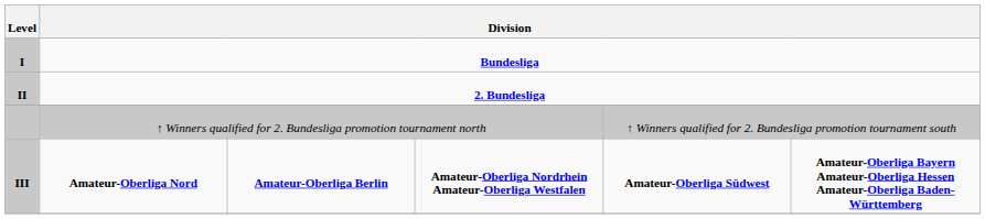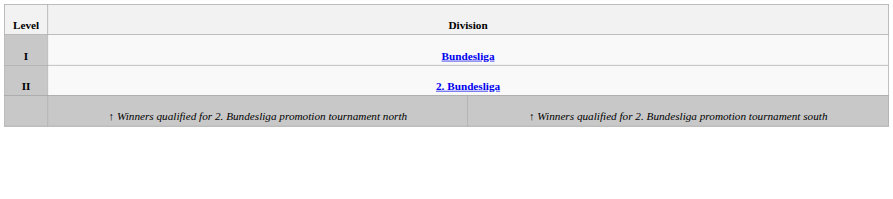 <table class="wikitable" style="text-align:center" height="30" width="100%">
 <tr style="background:#c8c8c8">
 <th colspan="1" height="30"><br>Level</th>
 <th colspan="5"><br>Division</th>
 </tr>
 <tr>
 <td colspan="1" style="background:#c8c8c8"><br><strong>I</strong></td>
 <td colspan="5"><br><strong><a href='#'>Bundesliga</a></strong></td>
 </tr>
 <tr>
 <td colspan="1" style="background:#c8c8c8"><br><strong>II</strong></td>
 <td colspan="5"><br><strong><a href='#'>2. Bundesliga</a></strong></td>
 </tr>
 <tr>
 </tr>
 <tr style="background:#c8c8c8">
 <td colspan="1"></td>
 <td colspan="3"><br><em> ↑ Winners qualified for 2. Bundesliga promotion tournament north </em></td>
 <td colspan="2"><br><em> ↑ Winners qualified for 2. Bundesliga promotion tournament south</em></td>
 </tr>
 <tr>
-<td colspan="1" style="background:#c8c8c8"><br><strong>III</strong></td>
-<td colspan="1" width="20%"><br><strong>Amateur-<a href='#'>Oberliga Nord</a></strong></td>
-<td colspan="1" width="20%"><br><strong><a href='#'>Amateur-Oberliga Berlin</a></strong></td>
-<td colspan="1" width="20%"><br><strong>Amateur-<a href='#'>Oberliga Nordrhein</a></strong><br> <strong>Amateur-<a href='#'>Oberliga Westfalen</a></strong></td>
-<td colspan="1" width="20%"><br><strong>Amateur-<a href='#'>Oberliga Südwest</a></strong></td>
-<td colspan="1" width="20%"><br><strong>Amateur-<a href='#'>Oberliga Bayern</a></strong><br> <strong>Amateur-<a href='#'>Oberliga Hessen</a></strong><br> <strong>Amateur-<a href='#'>Oberliga Baden-Württemberg</a></strong></td>
-</tr>
-<tr>
 </tr>
 </table>
